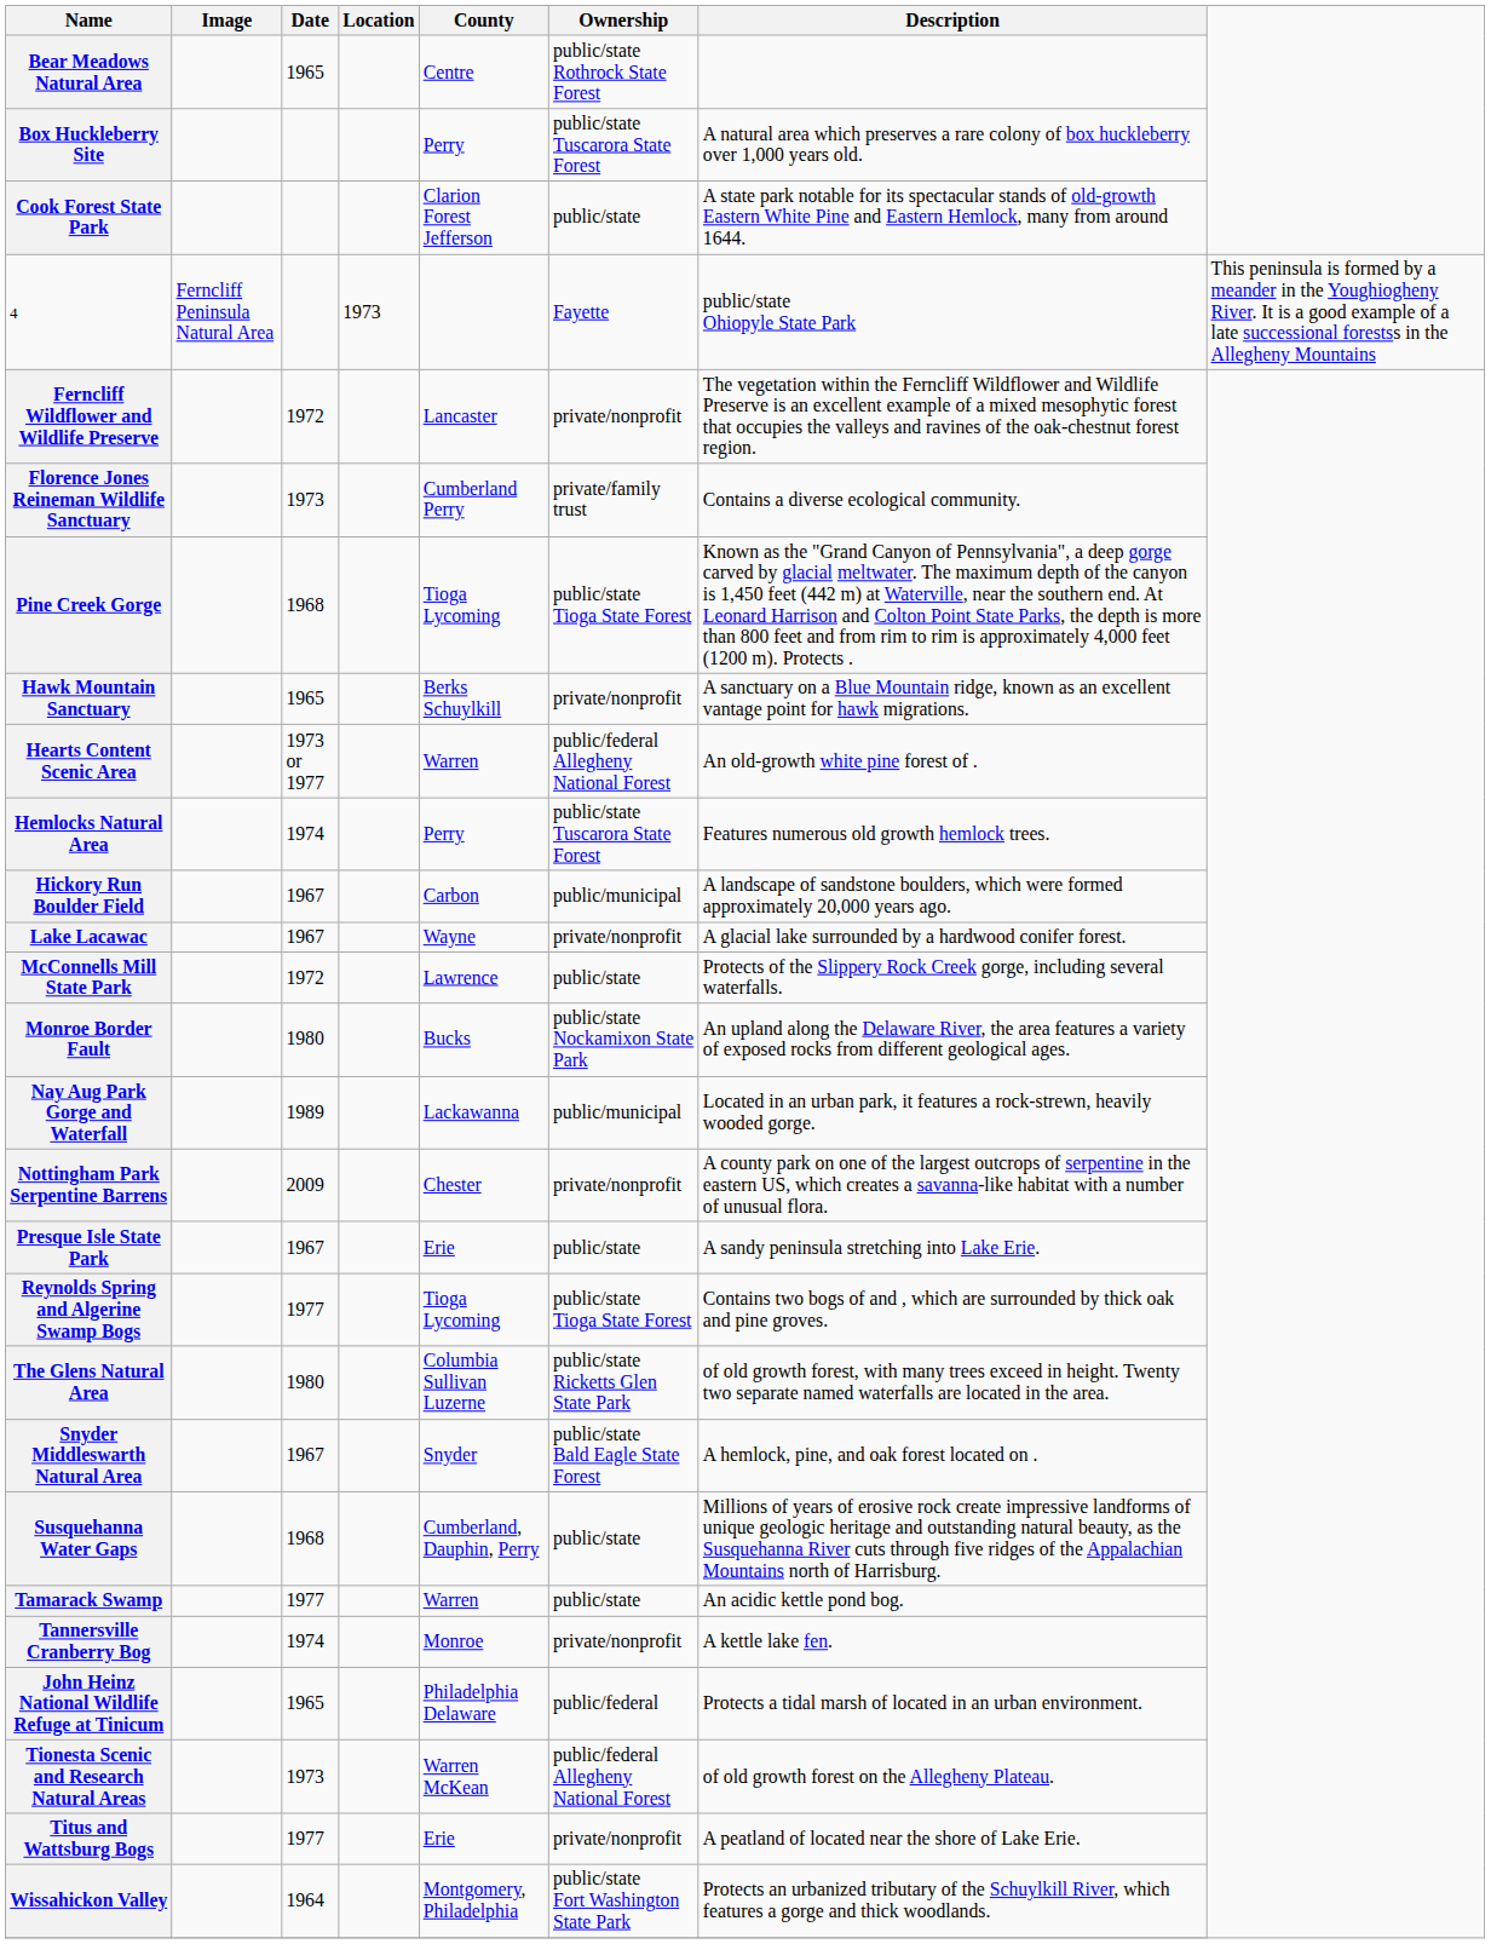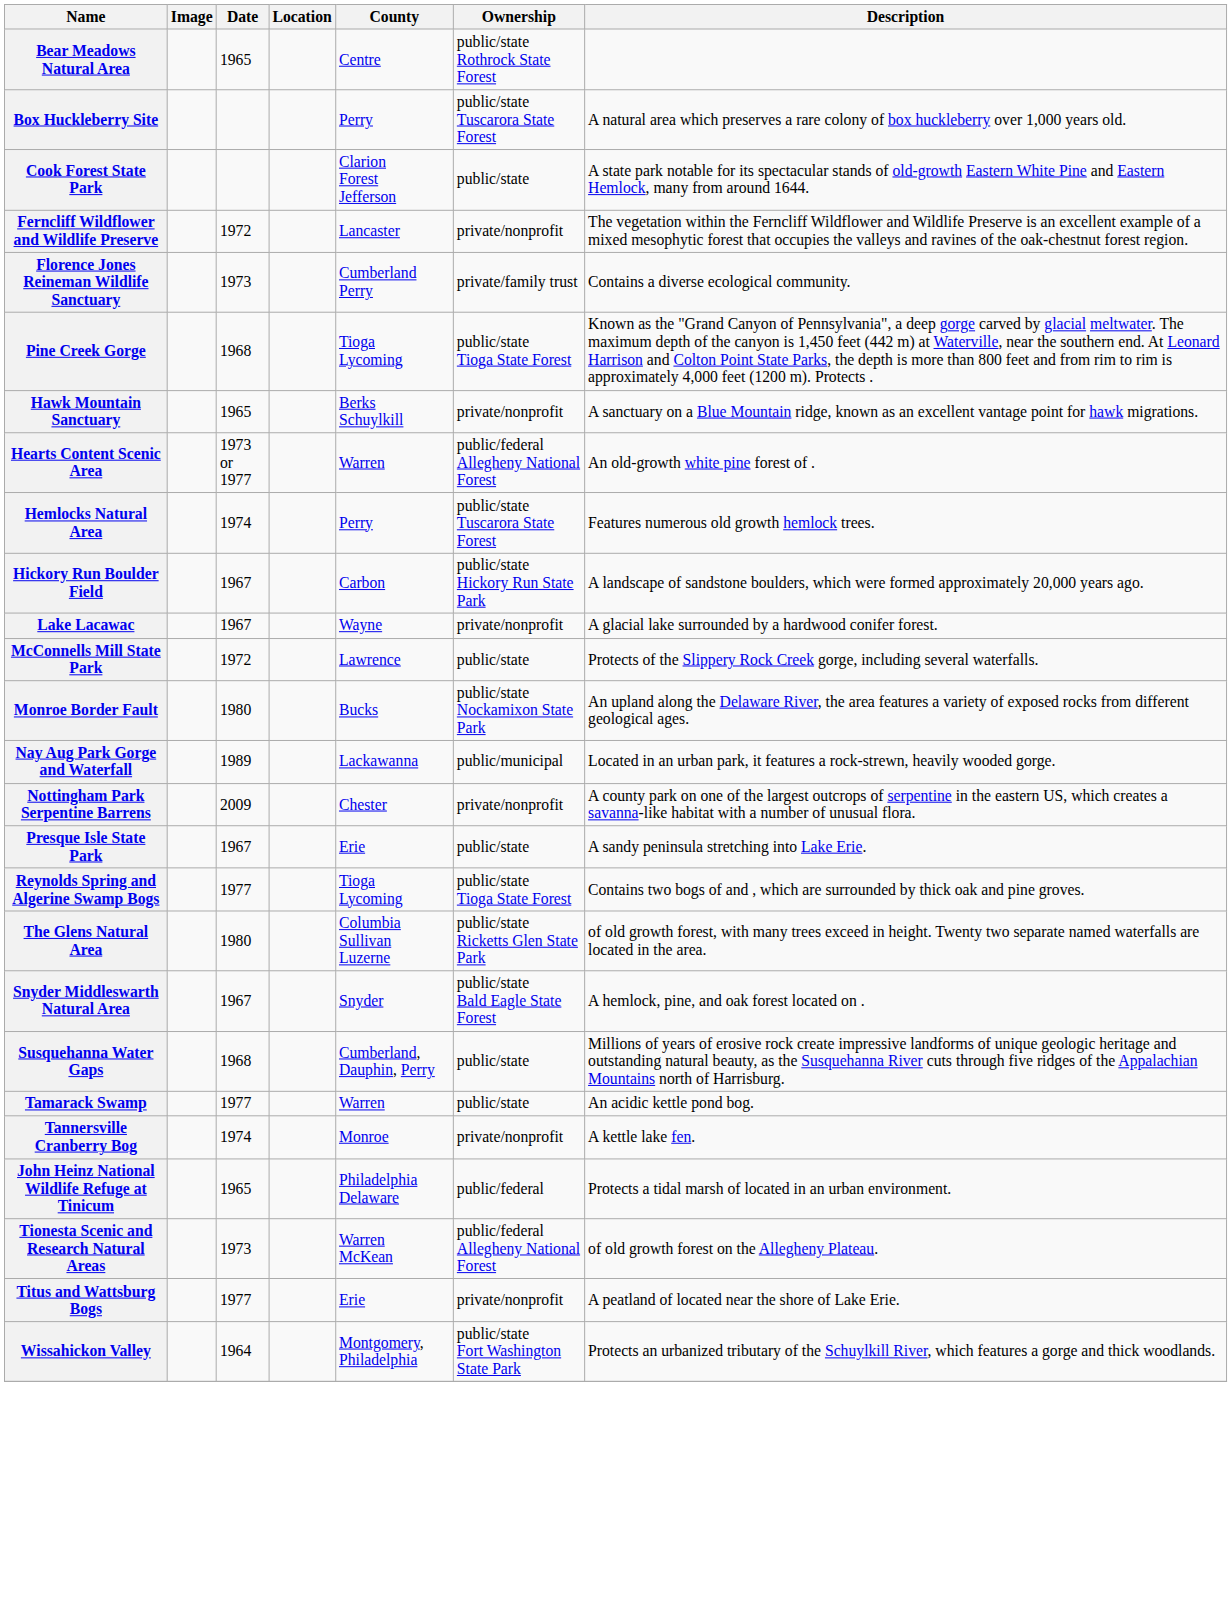 <table class="wikitable sortable" align="center">
 <tr>
 <th style="background-color:">Name</th>
 <th style="background-color:">Image</th>
 <th style="background-color:">Date</th>
 <th style="background-color:">Location</th>
 <th style="background-color:">County</th>
 <th style="background-color:">Ownership</th>
 <th style="background-color:">Description</th>
 </tr>
 <tr>
 <th><a href='#'>Bear Meadows Natural Area</a></th>
 <td></td>
 <td>1965</td>
 <td><small></small></td>
 <td><a href='#'>Centre</a></td>
 <td>public/state<br><a href='#'>Rothrock State Forest</a></td>
 <td></td>
 </tr>
 <tr>
 <th><a href='#'>Box Huckleberry Site</a></th>
 <td></td>
 <td></td>
 <td><small></small></td>
 <td><a href='#'>Perry</a></td>
 <td>public/state <br> <a href='#'>Tuscarora State Forest</a></td>
 <td>A  natural area which preserves a rare colony of <a href='#'>box huckleberry</a> over 1,000 years old.</td>
 </tr>
 <tr>
 <th><a href='#'>Cook Forest State Park</a></th>
 <td></td>
 <td></td>
 <td><small></small></td>
 <td><a href='#'>Clarion</a> <br>  <a href='#'>Forest</a> <br> <a href='#'>Jefferson</a></td>
 <td>public/state</td>
 <td>A  state park notable for its spectacular stands of <a href='#'>old-growth</a> <a href='#'>Eastern White Pine</a> and <a href='#'>Eastern Hemlock</a>, many from around 1644.</td>
-</tr>
-<tr>
-<td><small>4</small></td>
-<td><a href='#'>Ferncliff Peninsula Natural Area</a></td>
-<td></td>
-<td>1973</td>
-<td><small></small></td>
-<td><a href='#'>Fayette</a></td>
-<td>public/state<br> <a href='#'>Ohiopyle State Park</a></td>
-<td>This  peninsula is formed by a <a href='#'>meander</a> in the <a href='#'>Youghiogheny River</a>.  It is a good example of a late <a href='#'>successional forests</a>s in the <a href='#'>Allegheny Mountains</a></td>
 </tr>
 <tr>
 <th><a href='#'>Ferncliff Wildflower and Wildlife Preserve</a></th>
 <td></td>
 <td>1972</td>
 <td><small></small></td>
 <td><a href='#'>Lancaster</a></td>
 <td>private/nonprofit</td>
 <td>The vegetation within the Ferncliff Wildflower and Wildlife Preserve is an excellent example of a mixed mesophytic forest that occupies the valleys and ravines of the oak-chestnut forest region.</td>
 </tr>
 <tr>
 <th><a href='#'>Florence Jones Reineman Wildlife Sanctuary</a></th>
 <td></td>
 <td>1973</td>
 <td><small></small></td>
 <td><a href='#'>Cumberland</a> <br> <a href='#'>Perry</a></td>
 <td>private/family trust</td>
 <td>Contains a  diverse ecological community.</td>
 </tr>
 <tr>
 <th><a href='#'>Pine Creek Gorge</a></th>
 <td></td>
 <td>1968</td>
 <td><small></small></td>
 <td><a href='#'>Tioga</a> <br> <a href='#'>Lycoming</a></td>
 <td>public/state <br> <a href='#'>Tioga State Forest</a></td>
 <td>Known as the "Grand Canyon of Pennsylvania", a deep <a href='#'>gorge</a> carved by <a href='#'>glacial</a> <a href='#'>meltwater</a>.  The maximum depth of the canyon is 1,450 feet (442 m) at <a href='#'>Waterville</a>, near the southern end. At <a href='#'>Leonard Harrison</a> and <a href='#'>Colton Point State Parks</a>, the depth is more than 800 feet and from rim to rim is approximately 4,000 feet (1200 m). Protects .</td>
 </tr>
 <tr>
 <th><a href='#'>Hawk Mountain Sanctuary</a></th>
 <td></td>
 <td>1965</td>
 <td><small></small></td>
 <td><a href='#'>Berks</a> <br> <a href='#'>Schuylkill</a></td>
 <td>private/nonprofit</td>
 <td>A sanctuary on a <a href='#'>Blue Mountain</a> ridge, known as an excellent vantage point for <a href='#'>hawk</a> migrations.</td>
 </tr>
 <tr>
 <th><a href='#'>Hearts Content Scenic Area</a></th>
 <td></td>
 <td>1973 or 1977</td>
 <td><small></small></td>
 <td><a href='#'>Warren</a></td>
 <td>public/federal <br> <a href='#'>Allegheny National Forest</a></td>
 <td>An old-growth <a href='#'>white pine</a> forest of .</td>
 </tr>
 <tr>
 <th><a href='#'>Hemlocks Natural Area</a></th>
 <td></td>
 <td>1974</td>
 <td><small></small></td>
 <td><a href='#'>Perry</a></td>
 <td>public/state <br> <a href='#'>Tuscarora State Forest</a></td>
 <td>Features numerous old growth <a href='#'>hemlock</a> trees.</td>
 </tr>
 <tr>
 <th><a href='#'>Hickory Run Boulder Field</a></th>
 <td></td>
 <td>1967</td>
 <td><small></small></td>
 <td><a href='#'>Carbon</a></td>
-<td>public/municipal</td>
+<td>public/state <br> <a href='#'>Hickory Run State Park</a></td>
 <td>A  landscape of sandstone boulders, which were formed approximately 20,000 years ago.</td>
 </tr>
 <tr>
 <th><a href='#'>Lake Lacawac</a></th>
 <td></td>
 <td>1967</td>
 <td><small></small></td>
 <td><a href='#'>Wayne</a></td>
 <td>private/nonprofit</td>
 <td>A  glacial lake surrounded by a hardwood conifer forest.</td>
 </tr>
 <tr>
 <th><a href='#'>McConnells Mill State Park</a></th>
 <td></td>
 <td>1972</td>
 <td><small></small></td>
 <td><a href='#'>Lawrence</a></td>
 <td>public/state</td>
 <td>Protects  of the <a href='#'>Slippery Rock Creek</a> gorge, including several waterfalls.</td>
 </tr>
 <tr>
 <th><a href='#'>Monroe Border Fault</a></th>
 <td></td>
 <td>1980</td>
 <td><small></small></td>
 <td><a href='#'>Bucks</a></td>
 <td>public/state<br> <a href='#'>Nockamixon State Park</a></td>
 <td>An upland along the <a href='#'>Delaware River</a>, the area features a variety of exposed rocks from different geological ages.</td>
 </tr>
 <tr>
 <th><a href='#'>Nay Aug Park Gorge and Waterfall</a></th>
 <td></td>
 <td>1989</td>
 <td><small></small></td>
 <td><a href='#'>Lackawanna</a></td>
 <td>public/municipal</td>
 <td>Located in an urban park, it features a rock-strewn, heavily wooded gorge.</td>
 </tr>
 <tr>
 <th><a href='#'>Nottingham Park Serpentine Barrens</a></th>
 <td></td>
 <td>2009</td>
 <td><small></small></td>
 <td><a href='#'>Chester</a></td>
 <td>private/nonprofit</td>
 <td>A  county park on one of the largest outcrops of <a href='#'>serpentine</a> in the eastern US, which creates a <a href='#'>savanna</a>-like habitat with a number of unusual flora.</td>
 </tr>
 <tr>
 <th><a href='#'>Presque Isle State Park</a></th>
 <td></td>
 <td>1967</td>
 <td><small></small></td>
 <td><a href='#'>Erie</a></td>
 <td>public/state</td>
 <td>A  sandy peninsula stretching into <a href='#'>Lake Erie</a>.</td>
 </tr>
 <tr>
 <th><a href='#'>Reynolds Spring and Algerine Swamp Bogs</a></th>
 <td></td>
 <td>1977</td>
 <td><small></small></td>
 <td><a href='#'>Tioga</a> <br> <a href='#'>Lycoming</a></td>
 <td>public/state <br> <a href='#'>Tioga State Forest</a></td>
 <td>Contains two bogs of  and , which are surrounded by thick oak and pine groves.</td>
 </tr>
 <tr>
 <th><a href='#'>The Glens Natural Area</a></th>
 <td></td>
 <td>1980</td>
 <td><small></small></td>
 <td><a href='#'>Columbia</a> <br> <a href='#'>Sullivan</a> <br> <a href='#'>Luzerne</a></td>
 <td>public/state <br> <a href='#'>Ricketts Glen State Park</a></td>
 <td> of old growth forest, with many trees exceed  in height. Twenty two separate named waterfalls are located in the area.</td>
 </tr>
 <tr>
 <th><a href='#'>Snyder Middleswarth Natural Area</a></th>
 <td></td>
 <td>1967</td>
 <td><small></small></td>
 <td><a href='#'>Snyder</a></td>
 <td>public/state <br> <a href='#'>Bald Eagle State Forest</a></td>
 <td>A hemlock, pine, and oak forest located on .</td>
 </tr>
 <tr>
 <th><a href='#'>Susquehanna Water Gaps</a></th>
 <td></td>
 <td>1968</td>
 <td><small></small></td>
 <td><a href='#'>Cumberland</a>, <a href='#'>Dauphin</a>, <a href='#'>Perry</a></td>
 <td>public/state</td>
 <td>Millions of years of erosive rock create impressive landforms of unique geologic heritage and outstanding natural beauty, as the <a href='#'>Susquehanna River</a> cuts through five ridges of the <a href='#'>Appalachian Mountains</a> north of Harrisburg.</td>
 </tr>
 <tr>
 <th><a href='#'>Tamarack Swamp</a></th>
 <td></td>
 <td>1977</td>
 <td><small></small></td>
 <td><a href='#'>Warren</a></td>
 <td>public/state</td>
 <td>An acidic kettle pond bog.</td>
 </tr>
 <tr>
 <th><a href='#'>Tannersville Cranberry Bog</a></th>
 <td></td>
 <td>1974</td>
 <td><small></small></td>
 <td><a href='#'>Monroe</a></td>
 <td>private/nonprofit</td>
 <td>A  kettle lake <a href='#'>fen</a>.</td>
 </tr>
 <tr>
 <th><a href='#'>John Heinz National Wildlife Refuge at Tinicum</a></th>
 <td></td>
 <td>1965</td>
 <td><small></small></td>
 <td><a href='#'>Philadelphia</a> <br> <a href='#'>Delaware</a></td>
 <td>public/federal</td>
 <td>Protects a tidal marsh of  located in an urban environment.</td>
 </tr>
 <tr>
 <th><a href='#'>Tionesta Scenic and Research Natural Areas</a></th>
 <td></td>
 <td>1973</td>
 <td><small></small></td>
 <td><a href='#'>Warren</a> <br> <a href='#'>McKean</a></td>
 <td>public/federal <br> <a href='#'>Allegheny National Forest</a></td>
 <td> of old growth forest on the <a href='#'>Allegheny Plateau</a>.</td>
 </tr>
 <tr>
 <th><a href='#'>Titus and Wattsburg Bogs</a></th>
 <td></td>
 <td>1977</td>
 <td><small></small></td>
 <td><a href='#'>Erie</a></td>
 <td>private/nonprofit</td>
 <td>A peatland of  located near the shore of Lake Erie.</td>
 </tr>
 <tr>
 <th><a href='#'>Wissahickon Valley</a></th>
 <td></td>
 <td>1964</td>
 <td><small></small></td>
 <td><a href='#'>Montgomery</a>, <a href='#'>Philadelphia</a></td>
 <td>public/state <br> <a href='#'>Fort Washington State Park</a></td>
 <td>Protects an urbanized tributary of the <a href='#'>Schuylkill River</a>, which features a gorge and thick woodlands.</td>
 </tr>
 <tr>
 </tr>
 </table>
